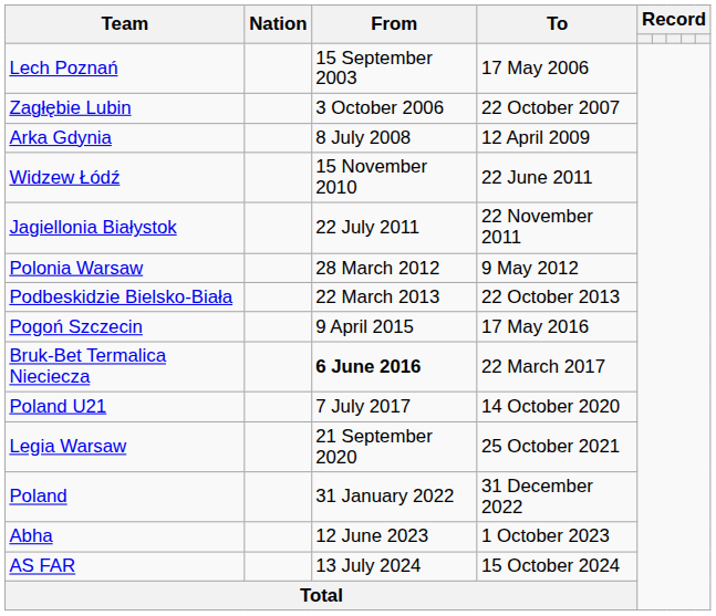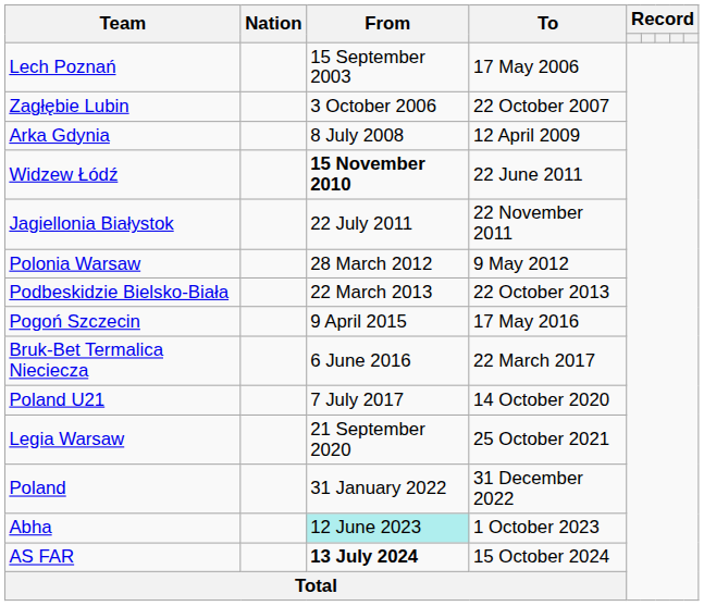 <table class="wikitable" style="text-align: center">
 <tr>
 <th rowspan="2">Team</th>
 <th rowspan="2">Nation</th>
 <th rowspan="2">From</th>
 <th rowspan="2">To</th>
 <th colspan="5">Record</th>
 </tr>
 <tr>
 <th></th>
 <th></th>
 <th></th>
 <th></th>
 <th></th>
 </tr>
 <tr>
 <td align=left><a href='#'>Lech Poznań</a></td>
 <td></td>
 <td align=left>15 September 2003</td>
 <td align=left>17 May 2006<br></td>
 </tr>
 <tr>
 <td align=left><a href='#'>Zagłębie Lubin</a></td>
 <td></td>
 <td align=left>3 October 2006</td>
 <td align=left>22 October 2007<br></td>
 </tr>
 <tr>
 <td align=left><a href='#'>Arka Gdynia</a></td>
 <td></td>
 <td align=left>8 July 2008</td>
 <td align=left>12 April 2009<br></td>
 </tr>
 <tr>
 <td align=left><a href='#'>Widzew Łódź</a></td>
 <td></td>
-<td align=left>15 November 2010</td>
+<td align=left><strong>15 November 2010</strong></td>
 <td align=left>22 June 2011<br></td>
 </tr>
 <tr>
 <td align=left><a href='#'>Jagiellonia Białystok</a></td>
 <td></td>
 <td align=left>22 July 2011</td>
 <td align=left>22 November 2011<br></td>
 </tr>
 <tr>
 <td align=left><a href='#'>Polonia Warsaw</a></td>
 <td></td>
 <td align=left>28 March 2012</td>
 <td align=left>9 May 2012<br></td>
 </tr>
 <tr>
 <td align=left><a href='#'>Podbeskidzie Bielsko-Biała</a></td>
 <td></td>
 <td align=left>22 March 2013</td>
 <td align=left>22 October 2013<br></td>
 </tr>
 <tr>
 <td align=left><a href='#'>Pogoń Szczecin</a></td>
 <td></td>
 <td align=left>9 April 2015</td>
 <td align=left>17 May 2016<br></td>
 </tr>
 <tr>
 <td align=left><a href='#'>Bruk-Bet Termalica Nieciecza</a></td>
 <td></td>
-<td align=left><strong>6 June 2016</strong></td>
+<td align=left>6 June 2016</td>
 <td align=left>22 March 2017<br></td>
 </tr>
 <tr>
 <td align=left><a href='#'>Poland U21</a></td>
 <td></td>
 <td align=left>7 July 2017</td>
 <td align=left>14 October 2020<br></td>
 </tr>
 <tr>
 <td align=left><a href='#'>Legia Warsaw</a></td>
 <td></td>
 <td align=left>21 September 2020</td>
 <td align=left>25 October 2021<br></td>
 </tr>
 <tr>
 <td align=left><a href='#'>Poland</a></td>
 <td></td>
 <td align=left>31 January 2022</td>
 <td align=left>31 December 2022<br></td>
 </tr>
 <tr>
 <td align=left><a href='#'>Abha</a></td>
 <td></td>
-<td align=left>12 June 2023</td>
+<td align=left style="background: paleturquoise;">12 June 2023</td>
 <td align=left>1 October 2023<br></td>
 </tr>
 <tr>
 <td align=left><a href='#'>AS FAR</a></td>
 <td></td>
-<td align=left>13 July 2024</td>
+<td align=left><strong>13 July 2024</strong></td>
 <td align=left>15 October 2024<br></td>
 </tr>
 <tr>
 <th colspan="4">Total<br></th>
 </tr>
 </table>
